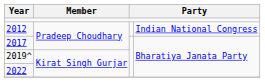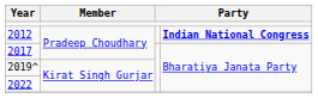 <table class="wikitable">
 <tr>
 <th>Year</th>
 <th>Member</th>
 <th colspan="2">Party</th>
 </tr>
 <tr>
 <td colspan="4"></td>
 </tr>
 <tr>
 <td><a href='#'>2012</a></td>
 <td rowspan="2"><a href='#'>Pradeep Choudhary</a></td>
 <td style="background-color: "></td>
-<td><a href='#'>Indian National Congress</a></td>
+<td><strong><a href='#'>Indian National Congress</a></strong></td>
 </tr>
 <tr>
 <td><a href='#'>2017</a></td>
 <td rowspan="3" style="background-color: "></td>
 <td rowspan="3"><a href='#'>Bharatiya Janata Party</a></td>
 </tr>
 <tr>
 <td>2019^</td>
 <td rowspan="2"><a href='#'>Kirat Singh Gurjar</a></td>
 </tr>
 <tr>
 <td><a href='#'>2022</a></td>
 </tr>
 <tr>
 </tr>
 </table>
